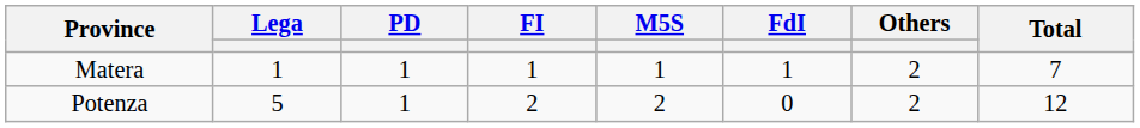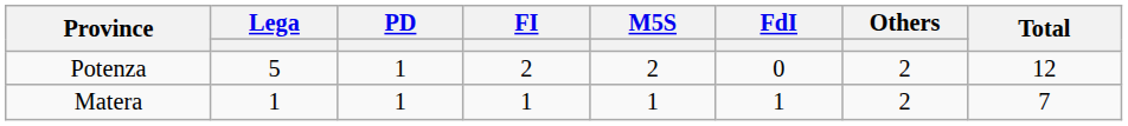 <table class="wikitable" style="text-align:center;font-size:85%;line-height:13px">
 <tr>
 <th rowspan="2" style="width:110px;">Province</th>
 <th style="width:65px;"><a href='#'>Lega</a></th>
 <th style="width:65px;"><a href='#'>PD</a></th>
 <th style="width:65px;"><a href='#'>FI</a></th>
 <th style="width:65px;"><a href='#'>M5S</a></th>
 <th style="width:65px;"><a href='#'>FdI</a></th>
 <th style="width:65px;">Others</th>
 <th rowspan="2" style="width:80px;">Total</th>
 </tr>
 <tr>
 <th style="background:"></th>
 <th style="background:"></th>
 <th style="background:"></th>
 <th style="background:"></th>
 <th style="background:"></th>
 <th style="background:"></th>
 </tr>
 <tr>
+<td>Potenza</td>
+<td>5</td>
+<td>1</td>
+<td>2</td>
+<td>2</td>
+<td>0</td>
+<td>2</td>
+<td>12</td>
+</tr>
+<tr>
 <td>Matera</td>
 <td>1</td>
 <td>1</td>
 <td>1</td>
 <td>1</td>
 <td>1</td>
 <td>2</td>
 <td>7</td>
 </tr>
-<tr>
-<td>Potenza</td>
-<td>5</td>
-<td>1</td>
-<td>2</td>
-<td>2</td>
-<td>0</td>
-<td>2</td>
-<td>12</td>
-</tr>
 </table>
